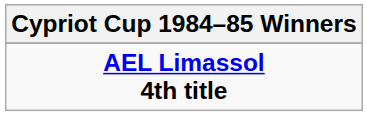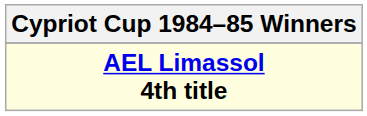 <table class="wikitable" style="text-align:center;margin: 0 auto;">
 <tr>
 <th>Cypriot Cup 1984–85 Winners</th>
 </tr>
 <tr>
 </tr>
 <tr>
-<td><strong><a href='#'>AEL Limassol</a></strong><br><strong>4th title</strong></td>
+<td style="background: lightyellow;"><strong><a href='#'>AEL Limassol</a></strong><br><strong>4th title</strong></td>
 </tr>
 </table>
